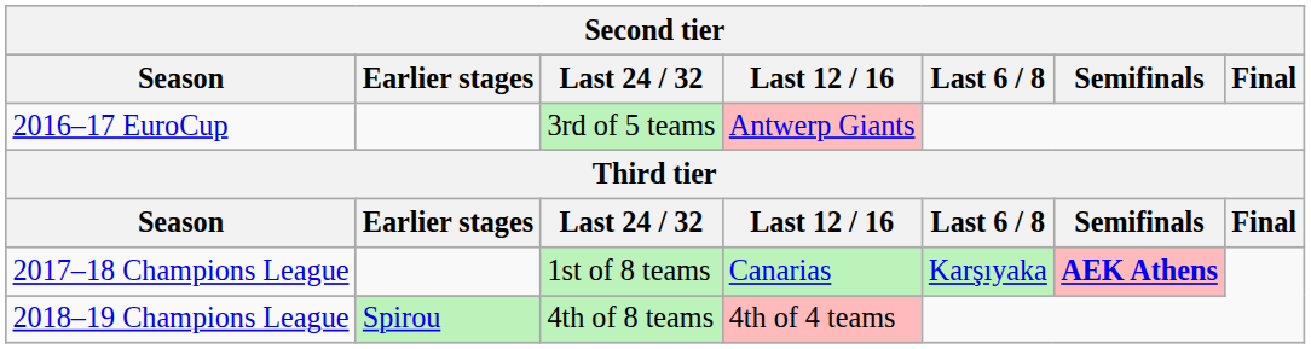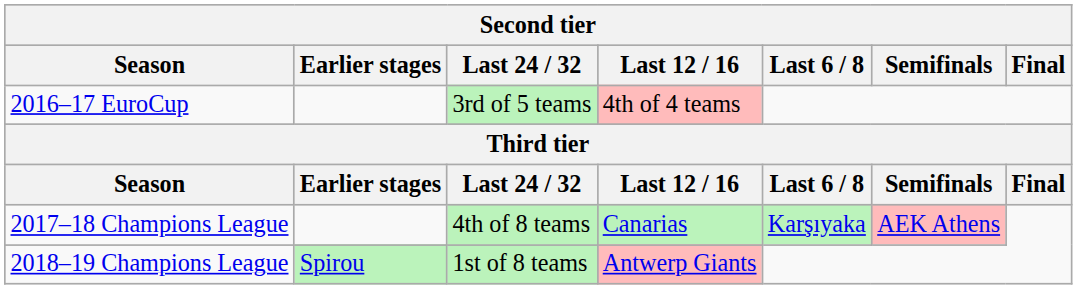 <table class="wikitable" style="font-size:90%">
 <tr>
 <th colspan=7>Second tier</th>
 </tr>
 <tr>
 <th>Season</th>
 <th>Earlier stages</th>
 <th>Last 24 / 32</th>
 <th>Last 12 / 16</th>
 <th>Last 6 / 8</th>
 <th>Semifinals</th>
 <th>Final</th>
 </tr>
 <tr>
 <td><a href='#'>2016–17 EuroCup</a></td>
 <td></td>
 <td bgcolor=#BBF3BB>3rd of 5 teams</td>
-<td bgcolor=#FFBBBB> <a href='#'>Antwerp Giants</a></td>
+<td bgcolor=#FFBBBB>4th of 4 teams</td>
 </tr>
 <tr>
 <th colspan=20>Third tier</th>
 </tr>
 <tr>
 <th>Season</th>
 <th>Earlier stages</th>
 <th>Last 24 / 32</th>
 <th>Last 12 / 16</th>
 <th>Last 6 / 8</th>
 <th>Semifinals</th>
 <th>Final</th>
 </tr>
 <tr>
 <td><a href='#'>2017–18 Champions League</a></td>
 <td></td>
-<td bgcolor=#BBF3BB>1st of 8 teams</td>
+<td bgcolor=#BBF3BB>4th of 8 teams</td>
 <td bgcolor=#BBF3BB> <a href='#'>Canarias</a></td>
 <td bgcolor=#BBF3BB> <a href='#'>Karşıyaka</a></td>
-<td bgcolor=#FFBBBB><strong> <a href='#'>AEK Athens</a></strong></td>
+<td bgcolor=#FFBBBB> <a href='#'>AEK Athens</a></td>
 </tr>
 <tr>
 <td><a href='#'>2018–19 Champions League</a></td>
 <td bgcolor=#BBF3BB> <a href='#'>Spirou</a></td>
-<td bgcolor=#BBF3BB>4th of 8 teams</td>
-<td bgcolor=#FFBBBB>4th of 4 teams</td>
+<td bgcolor=#BBF3BB>1st of 8 teams</td>
+<td bgcolor=#FFBBBB> <a href='#'>Antwerp Giants</a></td>
 </tr>
 </table>
